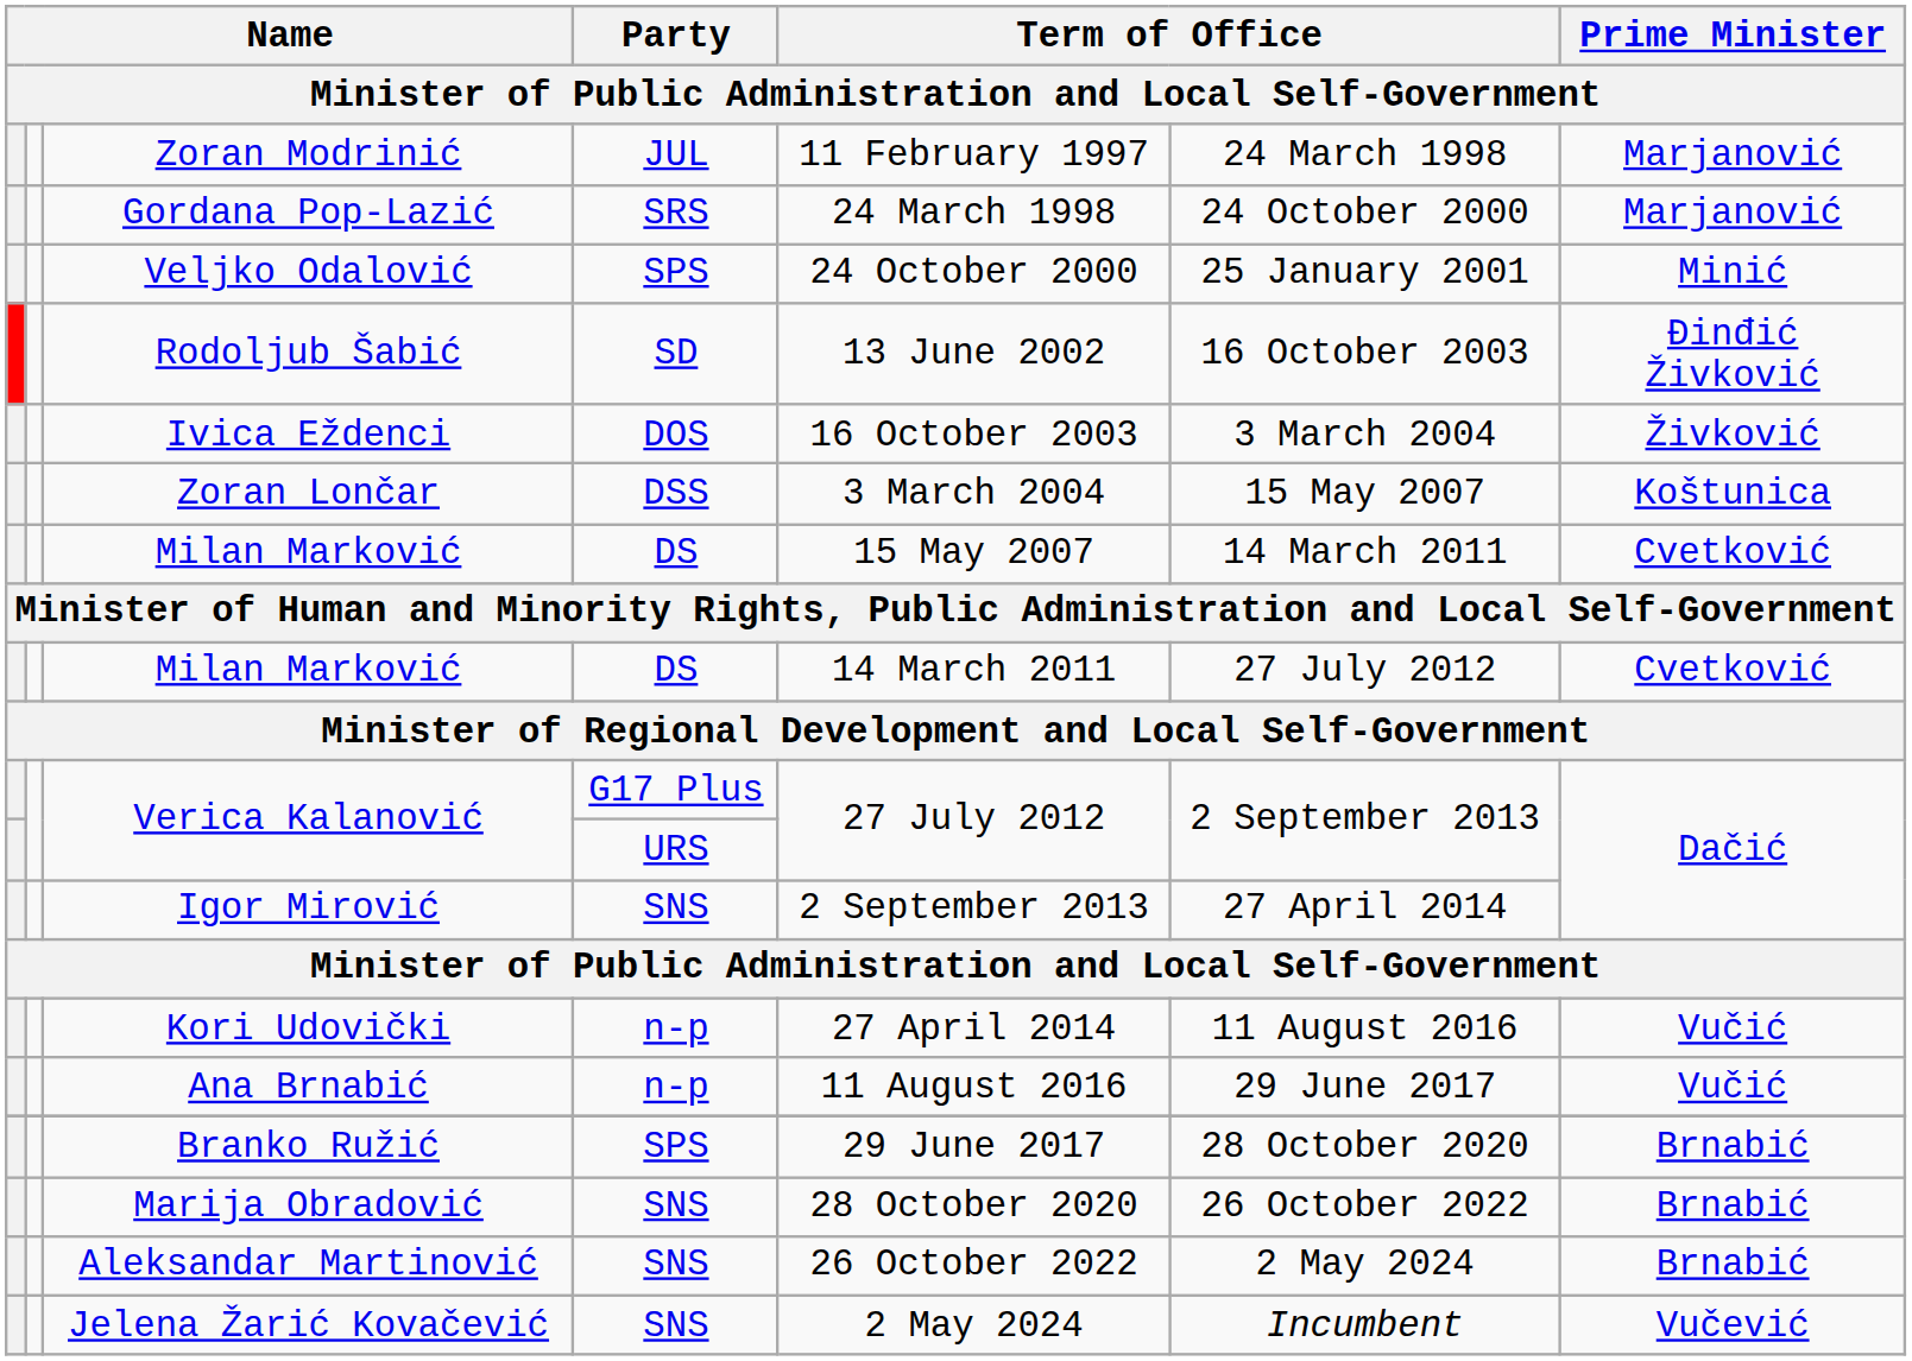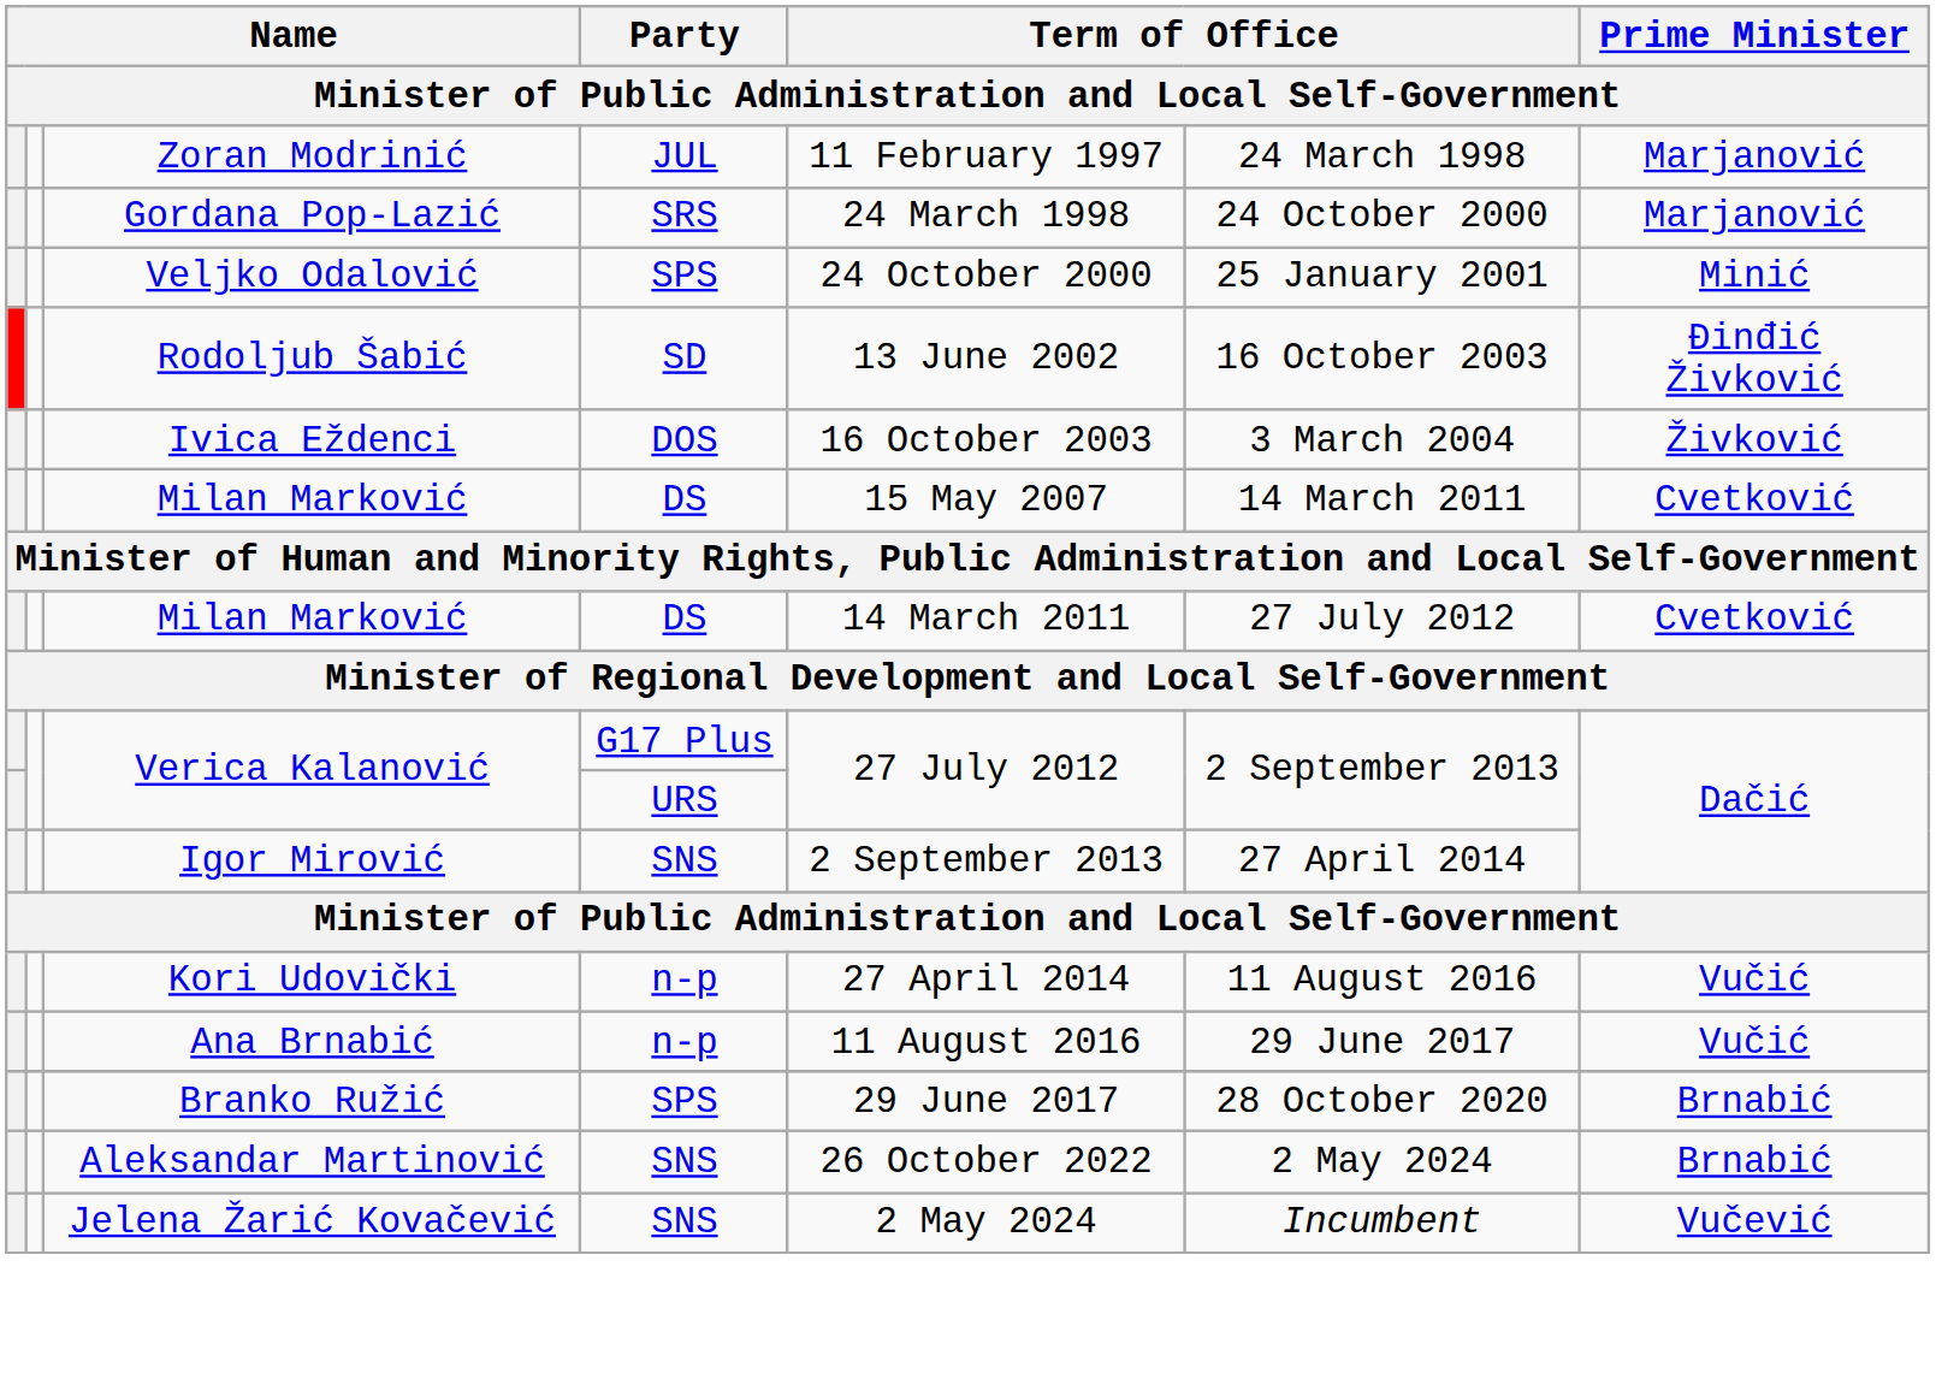 <table class="wikitable" style="text-align:center;">
 <tr>
 <th colspan=3>Name<br></th>
 <th>Party</th>
 <th colspan=2>Term of Office</th>
 <th><a href='#'>Prime Minister</a><br></th>
 </tr>
 <tr>
 <th colspan="7">Minister of Public Administration and Local Self-Government</th>
 </tr>
 <tr>
 <th style="background:"></th>
 <td></td>
 <td><a href='#'>Zoran Modrinić</a><br></td>
 <td><a href='#'>JUL</a></td>
 <td>11 February 1997</td>
 <td>24 March 1998</td>
 <td><a href='#'>Marjanović</a> </td>
 </tr>
 <tr>
 <th style="background:"></th>
 <td></td>
 <td><a href='#'>Gordana Pop-Lazić</a><br></td>
 <td><a href='#'>SRS</a></td>
 <td>24 March 1998</td>
 <td>24 October 2000</td>
 <td><a href='#'>Marjanović</a> </td>
 </tr>
 <tr>
 <th style="background:"></th>
 <td></td>
 <td><a href='#'>Veljko Odalović</a><br></td>
 <td><a href='#'>SPS</a></td>
 <td>24 October 2000</td>
 <td>25 January 2001</td>
 <td><a href='#'>Minić</a> </td>
 </tr>
 <tr>
 <th style="background:#FF0000;"></th>
 <td></td>
 <td><a href='#'>Rodoljub Šabić</a><br></td>
 <td><a href='#'>SD</a></td>
 <td>13 June 2002</td>
 <td>16 October 2003</td>
 <td><a href='#'>Đinđić</a><br><a href='#'>Živković</a> </td>
 </tr>
 <tr>
 <th style="background:"></th>
 <td></td>
 <td><a href='#'>Ivica Eždenci</a><br></td>
 <td><a href='#'>DOS</a></td>
 <td>16 October 2003</td>
 <td>3 March 2004</td>
 <td><a href='#'>Živković</a> </td>
-</tr>
-<tr>
-<th style="background:"></th>
-<td></td>
-<td><a href='#'>Zoran Lončar</a><br></td>
-<td><a href='#'>DSS</a></td>
-<td>3 March 2004</td>
-<td>15 May 2007</td>
-<td><a href='#'>Koštunica</a> </td>
 </tr>
 <tr>
 <th style="background:"></th>
 <td></td>
 <td><a href='#'>Milan Marković</a><br></td>
 <td><a href='#'>DS</a></td>
 <td>15 May 2007</td>
 <td>14 March 2011</td>
 <td><a href='#'>Cvetković</a> </td>
 </tr>
 <tr>
 <th colspan="7">Minister of Human and Minority Rights, Public Administration and Local Self-Government</th>
 </tr>
 <tr>
 <th style="background:"></th>
 <td></td>
 <td><a href='#'>Milan Marković</a><br></td>
 <td><a href='#'>DS</a></td>
 <td>14 March 2011</td>
 <td>27 July 2012</td>
 <td><a href='#'>Cvetković</a> </td>
 </tr>
 <tr>
 <th colspan="7">Minister of Regional Development and Local Self-Government</th>
 </tr>
 <tr>
 <th style="background:"></th>
 <td rowspan=2></td>
 <td rowspan=2><a href='#'>Verica Kalanović</a><br></td>
 <td><a href='#'>G17 Plus</a></td>
 <td rowspan=2>27 July 2012</td>
 <td rowspan=2>2 September 2013</td>
 <td rowspan=3><a href='#'>Dačić</a> </td>
 </tr>
 <tr>
 <th style="background:"></th>
 <td><a href='#'>URS</a></td>
 </tr>
 <tr>
 <th style="background:"></th>
 <td></td>
 <td><a href='#'>Igor Mirović</a><br></td>
 <td><a href='#'>SNS</a></td>
 <td>2 September 2013</td>
 <td>27 April 2014</td>
 </tr>
 <tr>
 <th colspan="7">Minister of Public Administration and Local Self-Government</th>
 </tr>
 <tr>
 <th style="background:"></th>
 <td></td>
 <td><a href='#'>Kori Udovički</a><br></td>
 <td><a href='#'>n-p</a></td>
 <td>27 April 2014</td>
 <td>11 August 2016</td>
 <td><a href='#'>Vučić</a> </td>
 </tr>
 <tr>
 <th style="background:"></th>
 <td></td>
 <td><a href='#'>Ana Brnabić</a><br></td>
 <td><a href='#'>n-p</a></td>
 <td>11 August 2016</td>
 <td>29 June 2017</td>
 <td><a href='#'>Vučić</a> </td>
 </tr>
 <tr>
 </tr>
 <tr>
 <th style="background:"></th>
 <td></td>
 <td><a href='#'>Branko Ružić</a><br></td>
 <td><a href='#'>SPS</a></td>
 <td>29 June 2017</td>
 <td>28 October 2020</td>
 <td><a href='#'>Brnabić</a> </td>
 </tr>
 <tr>
 <th style="background:"></th>
 <td></td>
-<td><a href='#'>Marija Obradović</a><br></td>
-<td><a href='#'>SNS</a></td>
-<td>28 October 2020</td>
-<td>26 October 2022</td>
-<td><a href='#'>Brnabić</a> </td>
-</tr>
-<tr>
-<th style="background:"></th>
-<td></td>
 <td><a href='#'>Aleksandar Martinović</a><br></td>
 <td><a href='#'>SNS</a></td>
 <td>26 October 2022</td>
 <td>2 May 2024</td>
 <td><a href='#'>Brnabić</a> </td>
 </tr>
 <tr>
 <th style="background:"></th>
 <td></td>
 <td><a href='#'>Jelena Žarić Kovačević</a><br></td>
 <td><a href='#'>SNS</a></td>
 <td>2 May 2024</td>
 <td><em>Incumbent</em></td>
 <td><a href='#'>Vučević</a> </td>
 </tr>
 </table>
